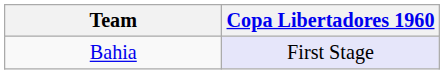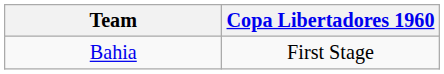 <table class="wikitable">
 <tr>
 <th width= 50%>Team</th>
 <th width= 50%><a href='#'>Copa Libertadores 1960</a></th>
 </tr>
 <tr align="center">
 <td><a href='#'>Bahia</a></td>
-<td style="background: lavender;">First Stage</td>
+<td>First Stage</td>
 </tr>
 </table>
